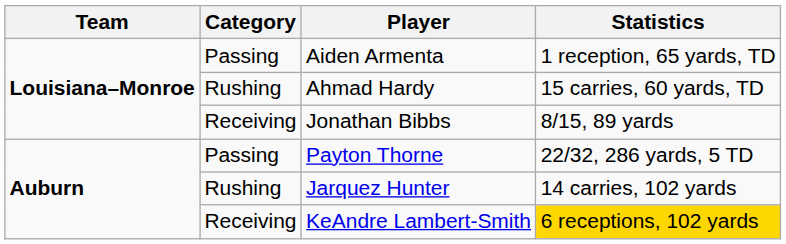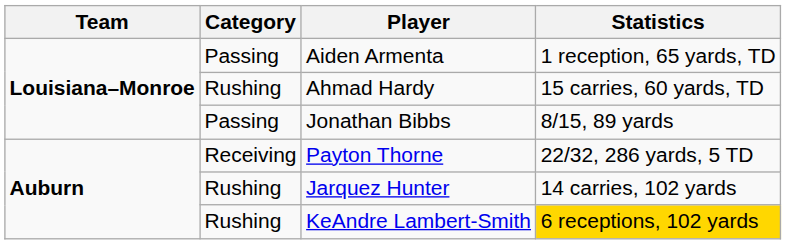 <table class="wikitable" style="float: right;">
 <tr>
 <th>Team</th>
 <th>Category</th>
 <th>Player</th>
 <th>Statistics</th>
 </tr>
 <tr>
 <td rowspan=3><strong>Louisiana–Monroe</strong></td>
 <td>Passing</td>
 <td>Aiden Armenta</td>
 <td>1 reception, 65 yards, TD</td>
 </tr>
 <tr>
 <td>Rushing</td>
 <td>Ahmad Hardy</td>
 <td>15 carries, 60 yards, TD</td>
 </tr>
 <tr>
-<td>Receiving</td>
+<td>Passing</td>
 <td>Jonathan Bibbs</td>
 <td>8/15, 89 yards</td>
 </tr>
 <tr>
 <td rowspan=3><strong>Auburn</strong></td>
-<td>Passing</td>
+<td>Receiving</td>
 <td><a href='#'>Payton Thorne</a></td>
 <td>22/32, 286 yards, 5 TD</td>
 </tr>
 <tr>
 <td>Rushing</td>
 <td><a href='#'>Jarquez Hunter</a></td>
 <td>14 carries, 102 yards</td>
 </tr>
 <tr>
-<td>Receiving</td>
+<td>Rushing</td>
 <td><a href='#'>KeAndre Lambert-Smith</a></td>
 <td style="background: gold;">6 receptions, 102 yards</td>
 </tr>
 </table>
